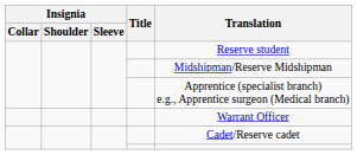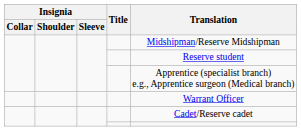 <table class="wikitable">
 <tr>
 <th colspan=3>Insignia</th>
 <th rowspan=2>Title</th>
 <th rowspan=2>Translation</th>
 </tr>
 <tr>
 <th>Collar</th>
 <th>Shoulder</th>
 <th>Sleeve</th>
 </tr>
 <tr style="text-align:center;">
 <td rowspan="3"></td>
 <td rowspan="3"></td>
 <td rowspan="3"></td>
 <td><br></td>
-<td><a href='#'>Reserve student</a></td>
+<td><a href='#'>Midshipman</a>/Reserve Midshipman</td>
 </tr>
 <tr style="text-align:center;">
 <td></td>
-<td><a href='#'>Midshipman</a>/Reserve Midshipman</td>
+<td><a href='#'>Reserve student</a></td>
 </tr>
 <tr style="text-align:center;">
 <td></td>
 <td>Apprentice (specialist branch)<br>e.g., Apprentice surgeon (Medical branch)</td>
 </tr>
 <tr style="text-align:center;">
 <td></td>
 <td></td>
 <td></td>
 <td><em></em></td>
 <td><a href='#'>Warrant Officer</a></td>
 </tr>
 <tr style="text-align:center;">
 <td rowspan="2"></td>
 <td rowspan="2"></td>
 <td rowspan="2"></td>
 <td><br></td>
 <td><a href='#'>Cadet</a>/Reserve cadet</td>
 </tr>
 <tr style="text-align:center;">
 <td><em></em></td>
 <td></td>
 </tr>
 </table>
